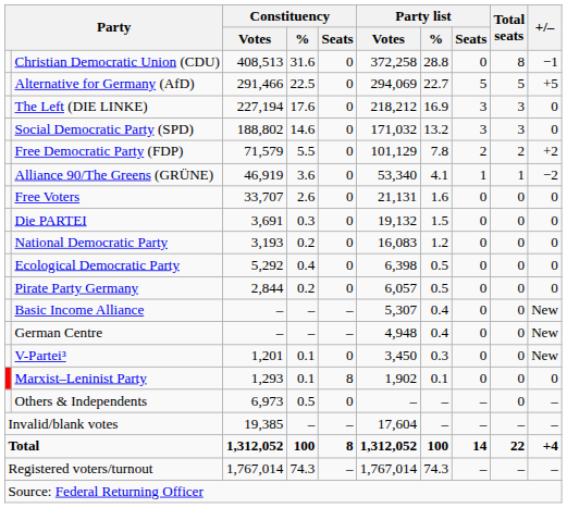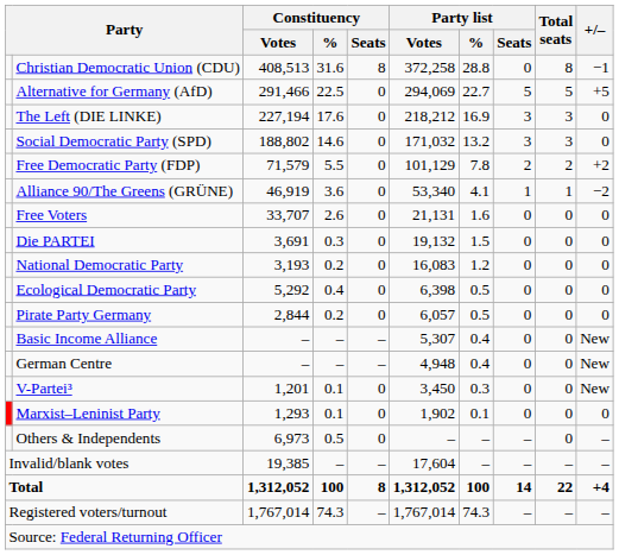 <table class="wikitable" style="text-align:right">
 <tr>
 <th colspan="2" rowspan="2">Party</th>
 <th colspan="3">Constituency</th>
 <th colspan="3">Party list</th>
 <th rowspan="2">Total<br>seats</th>
 <th rowspan="2">+/–</th>
 </tr>
 <tr>
 <th>Votes</th>
 <th>%</th>
 <th>Seats</th>
 <th>Votes</th>
 <th>%</th>
 <th>Seats</th>
 </tr>
 <tr>
 <td></td>
 <td align="left"><a href='#'>Christian Democratic Union</a> (CDU)</td>
 <td>408,513</td>
 <td>31.6</td>
-<td>0</td>
+<td>8</td>
 <td>372,258</td>
 <td>28.8</td>
 <td>0</td>
 <td>8</td>
 <td>−1</td>
 </tr>
 <tr>
 <td></td>
 <td align="left"><a href='#'>Alternative for Germany</a> (AfD)</td>
 <td>291,466</td>
 <td>22.5</td>
 <td>0</td>
 <td>294,069</td>
 <td>22.7</td>
 <td>5</td>
 <td>5</td>
 <td>+5</td>
 </tr>
 <tr>
 <td></td>
 <td align="left"><a href='#'>The Left</a> (DIE LINKE)</td>
 <td>227,194</td>
 <td>17.6</td>
 <td>0</td>
 <td>218,212</td>
 <td>16.9</td>
 <td>3</td>
 <td>3</td>
 <td>0</td>
 </tr>
 <tr>
 <td></td>
 <td align="left"><a href='#'>Social Democratic Party</a> (SPD)</td>
 <td>188,802</td>
 <td>14.6</td>
 <td>0</td>
 <td>171,032</td>
 <td>13.2</td>
 <td>3</td>
 <td>3</td>
 <td>0</td>
 </tr>
 <tr>
 <td></td>
 <td align="left"><a href='#'>Free Democratic Party</a> (FDP)</td>
 <td>71,579</td>
 <td>5.5</td>
 <td>0</td>
 <td>101,129</td>
 <td>7.8</td>
 <td>2</td>
 <td>2</td>
 <td>+2</td>
 </tr>
 <tr>
 <td></td>
 <td align="left"><a href='#'>Alliance 90/The Greens</a> (GRÜNE)</td>
 <td>46,919</td>
 <td>3.6</td>
 <td>0</td>
 <td>53,340</td>
 <td>4.1</td>
 <td>1</td>
 <td>1</td>
 <td>−2</td>
 </tr>
 <tr>
 <td style="background-color:"></td>
 <td align="left"><a href='#'>Free Voters</a></td>
 <td>33,707</td>
 <td>2.6</td>
 <td>0</td>
 <td>21,131</td>
 <td>1.6</td>
 <td>0</td>
 <td>0</td>
 <td>0</td>
 </tr>
 <tr>
 <td style="background-color:"></td>
 <td align="left"><a href='#'>Die PARTEI</a></td>
 <td>3,691</td>
 <td>0.3</td>
 <td>0</td>
 <td>19,132</td>
 <td>1.5</td>
 <td>0</td>
 <td>0</td>
 <td>0</td>
 </tr>
 <tr>
 <td style="background-color:"></td>
 <td align="left"><a href='#'>National Democratic Party</a></td>
 <td>3,193</td>
 <td>0.2</td>
 <td>0</td>
 <td>16,083</td>
 <td>1.2</td>
 <td>0</td>
 <td>0</td>
 <td>0</td>
 </tr>
 <tr>
 <td style="background-color:"></td>
 <td align="left"><a href='#'>Ecological Democratic Party</a></td>
 <td>5,292</td>
 <td>0.4</td>
 <td>0</td>
 <td>6,398</td>
 <td>0.5</td>
 <td>0</td>
 <td>0</td>
 <td>0</td>
 </tr>
 <tr>
 <td style="background-color:"></td>
 <td align="left"><a href='#'>Pirate Party Germany</a></td>
 <td>2,844</td>
 <td>0.2</td>
 <td>0</td>
 <td>6,057</td>
 <td>0.5</td>
 <td>0</td>
 <td>0</td>
 <td>0</td>
 </tr>
 <tr>
 <td style="background-color:"></td>
 <td align="left"><a href='#'>Basic Income Alliance</a></td>
 <td>–</td>
 <td>–</td>
 <td>–</td>
 <td>5,307</td>
 <td>0.4</td>
 <td>0</td>
 <td>0</td>
 <td>New</td>
 </tr>
 <tr>
 <td></td>
 <td align="left">German Centre</td>
 <td>–</td>
 <td>–</td>
 <td>–</td>
 <td>4,948</td>
 <td>0.4</td>
 <td>0</td>
 <td>0</td>
 <td>New</td>
 </tr>
 <tr>
 <td style="background-color:"></td>
 <td align="left"><a href='#'>V-Partei³</a></td>
 <td>1,201</td>
 <td>0.1</td>
 <td>0</td>
 <td>3,450</td>
 <td>0.3</td>
 <td>0</td>
 <td>0</td>
 <td>New</td>
 </tr>
 <tr>
 <td style="background-color:red"></td>
 <td align="left"><a href='#'>Marxist–Leninist Party</a></td>
 <td>1,293</td>
 <td>0.1</td>
-<td>8</td>
+<td>0</td>
 <td>1,902</td>
 <td>0.1</td>
 <td>0</td>
 <td>0</td>
 <td>0</td>
 </tr>
 <tr>
 <td></td>
 <td align="left">Others & Independents</td>
 <td>6,973</td>
 <td>0.5</td>
 <td>0</td>
 <td>–</td>
 <td>–</td>
 <td>–</td>
 <td>0</td>
 <td>–</td>
 </tr>
 <tr>
 <td colspan="2" align="left">Invalid/blank votes</td>
 <td>19,385</td>
 <td>–</td>
 <td>–</td>
 <td>17,604</td>
 <td>–</td>
 <td>–</td>
 <td>–</td>
 <td>–</td>
 </tr>
 <tr>
 <td colspan="2" align="left"><strong>Total</strong></td>
 <td><strong>1,312,052</strong></td>
 <td><strong>100</strong></td>
 <td><strong>8</strong></td>
 <td><strong>1,312,052</strong></td>
 <td><strong>100</strong></td>
 <td><strong>14</strong></td>
 <td><strong>22</strong></td>
 <td><strong>+4</strong></td>
 </tr>
 <tr>
 <td colspan="2" align="left">Registered voters/turnout</td>
 <td>1,767,014</td>
 <td>74.3</td>
 <td>–</td>
 <td>1,767,014</td>
 <td>74.3</td>
 <td>–</td>
 <td>–</td>
 <td>–</td>
 </tr>
 <tr>
 <td colspan="10" align="left">Source: <a href='#'>Federal Returning Officer</a></td>
 </tr>
 </table>
